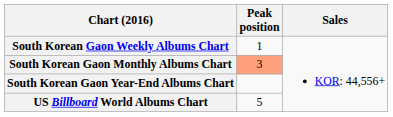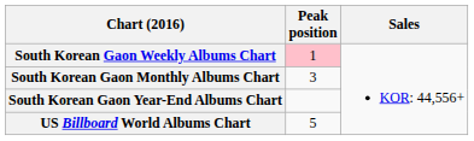 <table class="wikitable sortable plainrowheaders" style="text-align:center;">
 <tr>
 <th scope="col">Chart (2016)</th>
 <th scope="col">Peak<br>position</th>
 <th scope="col">Sales</th>
 </tr>
 <tr>
 <th scope="row">South Korean <a href='#'>Gaon Weekly Albums Chart</a></th>
-<td>1</td>
+<td style="background: pink;">1</td>
 <td rowspan="4"><br><ul><li><a href='#'>KOR</a>: 44,556+</li></ul></td>
 </tr>
 <tr>
 <th scope="row">South Korean Gaon Monthly Albums Chart</th>
-<td style="background: lightsalmon;">3</td>
+<td>3</td>
 </tr>
 <tr>
 <th scope="row">South Korean Gaon Year-End Albums Chart</th>
 <td></td>
 </tr>
 <tr>
 <th scope="row">US <em><a href='#'>Billboard</a></em> World Albums Chart</th>
 <td style="text-align:center;">5</td>
 </tr>
 </table>
